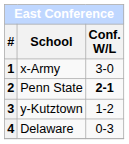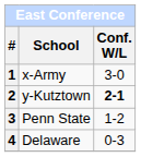 <table class="wikitable sortable collapsible collapsed">
 <tr>
 <th colspan=3 style="background:#BFD7FF; color:white">East Conference</th>
 </tr>
 <tr>
 <th>#</th>
 <th>School</th>
 <th>Conf. <br> W/L</th>
 </tr>
 <tr>
 <th>1</th>
 <td>x-Army</td>
 <td align="center">3-0</td>
 </tr>
 <tr>
 <th>2</th>
-<td>Penn State</td>
+<td>y-Kutztown</td>
 <td align="center"><strong>2-1</strong></td>
 </tr>
 <tr>
 <th>3</th>
-<td>y-Kutztown</td>
+<td>Penn State</td>
 <td align="center">1-2</td>
 </tr>
 <tr>
 <th>4</th>
 <td>Delaware</td>
 <td align="center">0-3</td>
 </tr>
 <tr>
 </tr>
 </table>
